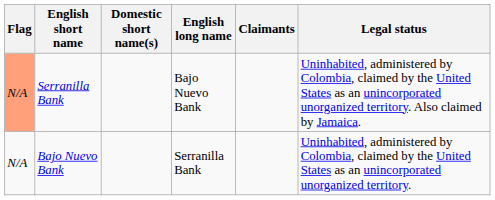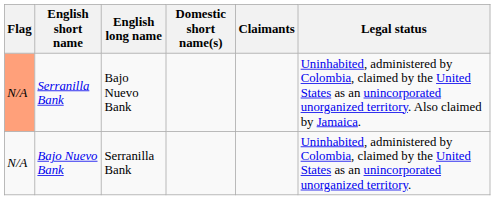 <table class="wikitable sortable">
 <tr>
 <th class="unsortable">Flag</th>
 <th>English short name</th>
+<th>English long name</th>
 <th>Domestic short name(s)</th>
-<th>English long name</th>
 <th>Claimants</th>
 <th>Legal status</th>
 </tr>
 <tr>
 <td style="background: lightsalmon;"><em>N/A</em></td>
 <td><em><a href='#'>Serranilla Bank</a></em></td>
+<td>Bajo Nuevo Bank</td>
 <td></td>
-<td>Bajo Nuevo Bank</td>
 <td><br><br></td>
 <td><a href='#'>Uninhabited</a>, administered by <a href='#'>Colombia</a>, claimed by the <a href='#'>United States</a> as an <a href='#'>unincorporated</a> <a href='#'>unorganized territory</a>. Also claimed by <a href='#'>Jamaica</a>.</td>
 </tr>
 <tr>
 <td><em>N/A</em></td>
 <td><em><a href='#'>Bajo Nuevo Bank</a></em></td>
+<td>Serranilla Bank</td>
 <td></td>
-<td>Serranilla Bank</td>
 <td><br></td>
 <td><a href='#'>Uninhabited</a>, administered by <a href='#'>Colombia</a>, claimed by the <a href='#'>United States</a> as an <a href='#'>unincorporated</a> <a href='#'>unorganized territory</a>.</td>
 </tr>
 </table>
